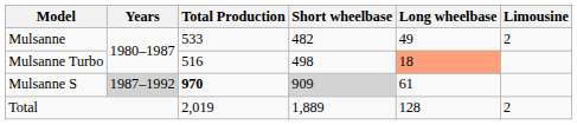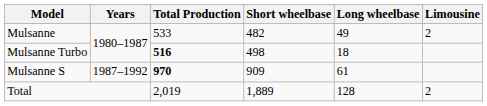 <table class=wikitable>
 <tr>
 <th>Model</th>
 <th>Years</th>
 <th>Total Production</th>
 <th>Short wheelbase</th>
 <th>Long wheelbase</th>
 <th>Limousine</th>
 </tr>
 <tr>
 <td>Mulsanne</td>
 <td rowspan=2>1980–1987</td>
 <td>533</td>
 <td>482</td>
 <td>49</td>
 <td>2</td>
 </tr>
 <tr>
 <td>Mulsanne Turbo</td>
-<td>516</td>
+<td><strong>516</strong></td>
 <td>498</td>
-<td style="background: lightsalmon;">18</td>
+<td>18</td>
 <td></td>
 </tr>
 <tr>
 <td>Mulsanne S</td>
-<td style="background: lightgrey;">1987–1992</td>
+<td>1987–1992</td>
 <td><strong>970</strong></td>
-<td style="background: lightgrey;">909</td>
+<td>909</td>
 <td>61</td>
 <td></td>
 </tr>
 <tr>
 <td colspan=2>Total</td>
 <td>2,019</td>
 <td>1,889</td>
 <td>128</td>
 <td>2</td>
 </tr>
 </table>
